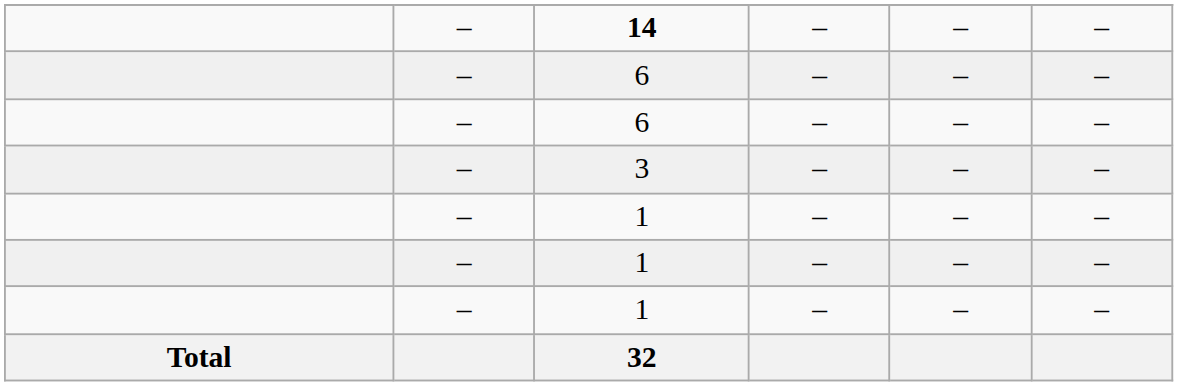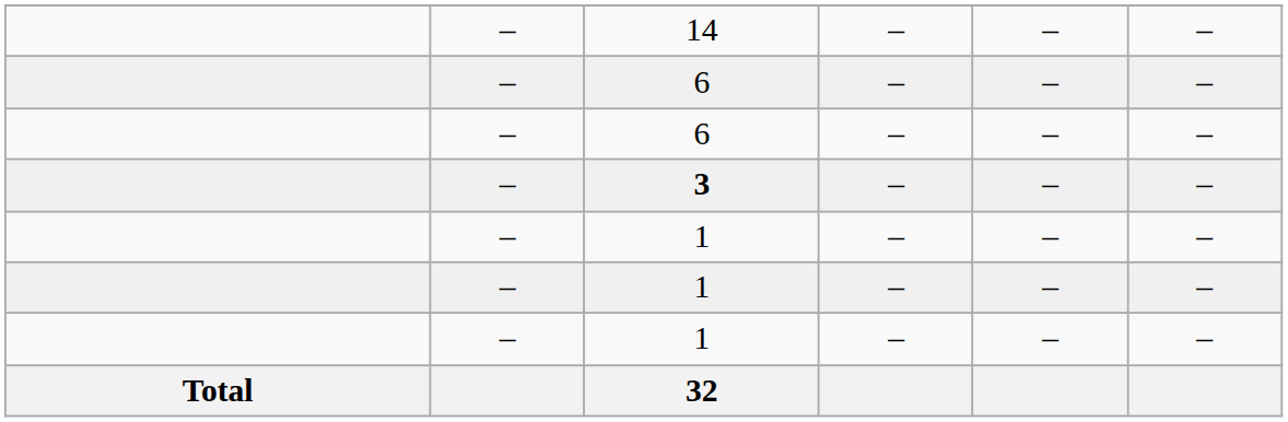 <table class="wikitable sortable" width ="50%">
 <tr align="center">
 </tr>
 <tr align="center" bgcolor="">
 <td></td>
 <td>–</td>
-<td><strong>14</strong></td>
+<td>14</td>
 <td>–</td>
 <td>–</td>
 <td>–</td>
 </tr>
 <tr align="center" bgcolor="f0f0f0">
 <td></td>
 <td>–</td>
 <td>6</td>
 <td>–</td>
 <td>–</td>
 <td>–</td>
 </tr>
 <tr align="center" bgcolor="">
 <td></td>
 <td>–</td>
 <td>6</td>
 <td>–</td>
 <td>–</td>
 <td>–</td>
 </tr>
 <tr align="center" bgcolor="f0f0f0">
 <td></td>
 <td>–</td>
-<td>3</td>
+<td><strong>3</strong></td>
 <td>–</td>
 <td>–</td>
 <td>–</td>
 </tr>
 <tr align="center" bgcolor="">
 <td></td>
 <td>–</td>
 <td>1</td>
 <td>–</td>
 <td>–</td>
 <td>–</td>
 </tr>
 <tr align="center" bgcolor="f0f0f0">
 <td></td>
 <td>–</td>
 <td>1</td>
 <td>–</td>
 <td>–</td>
 <td>–</td>
 </tr>
 <tr align="center" bgcolor="">
 <td></td>
 <td>–</td>
 <td>1</td>
 <td>–</td>
 <td>–</td>
 <td>–</td>
 </tr>
 <tr>
 <th>Total</th>
 <th></th>
 <th>32</th>
 <th></th>
 <th></th>
 <th></th>
 </tr>
 </table>
